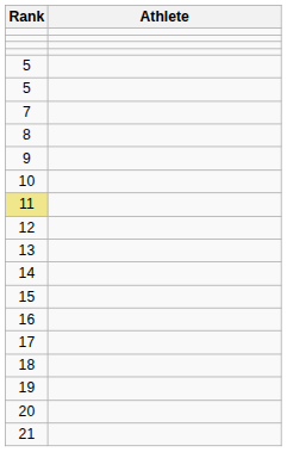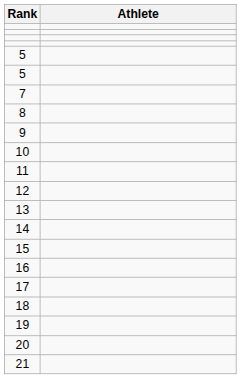 <table class="wikitable" style="text-align: center;">
 <tr>
 <th width=40>Rank</th>
 <th width=250>Athlete</th>
 </tr>
 <tr>
 <td></td>
 <td align="left"></td>
 </tr>
 <tr>
 <td></td>
 <td align="left"></td>
 </tr>
 <tr>
 <td></td>
 <td align="left"></td>
 </tr>
 <tr>
 <td></td>
 <td align="left"></td>
 </tr>
 <tr>
 <td>5</td>
 <td align="left"></td>
 </tr>
 <tr>
 <td>5</td>
 <td align="left"></td>
 </tr>
 <tr>
 <td>7</td>
 <td align="left"></td>
 </tr>
 <tr>
 <td>8</td>
 <td align="left"></td>
 </tr>
 <tr>
 <td>9</td>
 <td align="left"></td>
 </tr>
 <tr>
 <td>10</td>
 <td align="left"></td>
 </tr>
 <tr>
-<td style="background: khaki;">11</td>
+<td>11</td>
 <td align="left"></td>
 </tr>
 <tr>
 <td>12</td>
 <td align="left"></td>
 </tr>
 <tr>
 <td>13</td>
 <td align="left"></td>
 </tr>
 <tr>
 <td>14</td>
 <td align="left"></td>
 </tr>
 <tr>
 <td>15</td>
 <td align="left"></td>
 </tr>
 <tr>
 <td>16</td>
 <td align="left"></td>
 </tr>
 <tr>
 <td>17</td>
 <td align="left"></td>
 </tr>
 <tr>
 <td>18</td>
 <td align="left"></td>
 </tr>
 <tr>
 <td>19</td>
 <td align="left"></td>
 </tr>
 <tr>
 <td>20</td>
 <td align="left"></td>
 </tr>
 <tr>
 <td>21</td>
 <td align="left"></td>
 </tr>
 </table>
